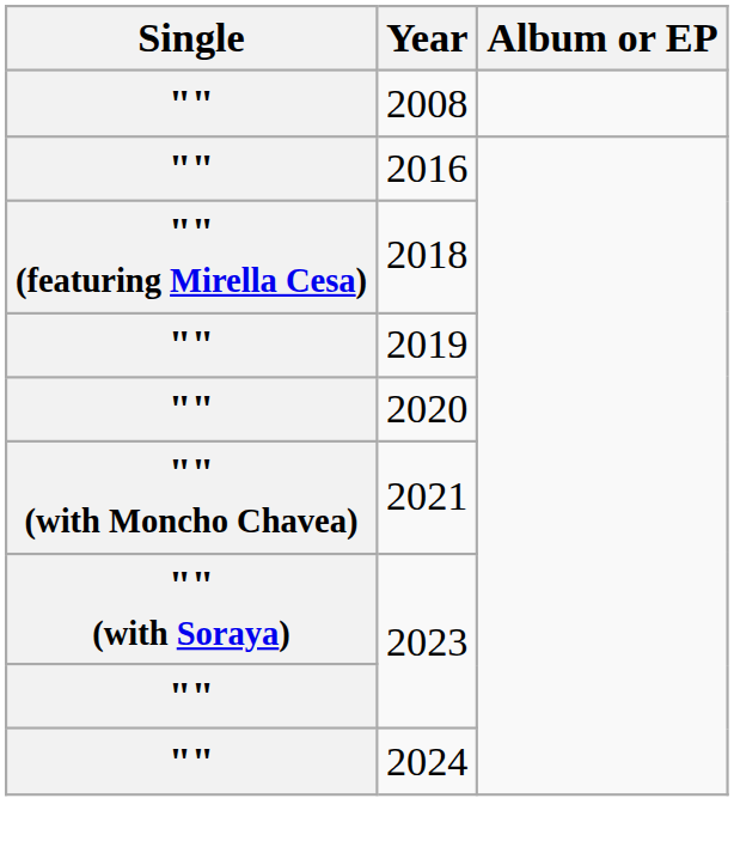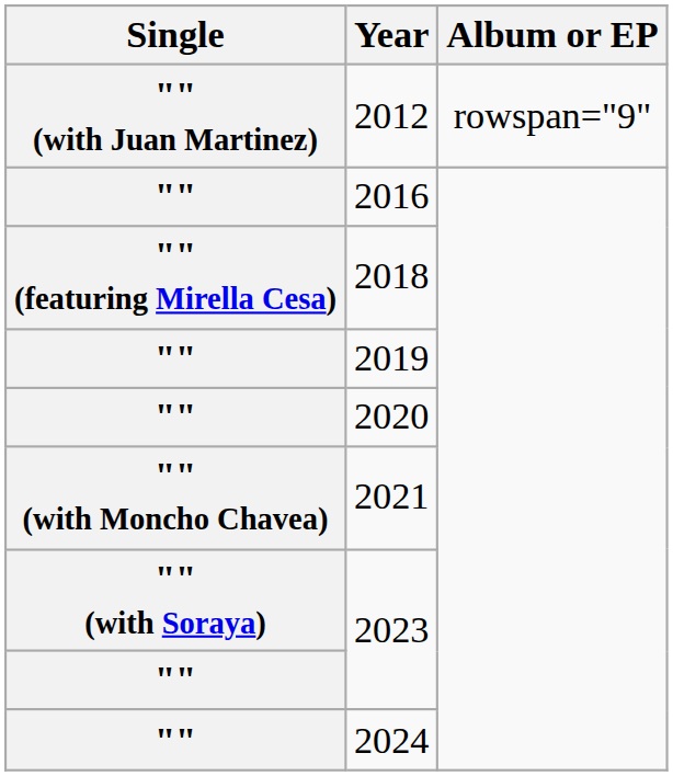 <table class="wikitable plainrowheaders" style="text-align:center;">
 <tr>
 <th scope="col">Single</th>
 <th scope="col">Year</th>
 <th scope="col">Album or EP</th>
 </tr>
 <tr>
-<th scope="row">""</th>
-<td>2008</td>
-<td></td>
+<th scope="row">""<br><small>(with Juan Martinez)</small></th>
+<td>2012</td>
+<td>rowspan="9" </td>
 </tr>
 <tr>
 <th scope="row">""</th>
 <td>2016</td>
 </tr>
 <tr>
 <th scope="row">""<br><small>(featuring <a href='#'>Mirella Cesa</a>)</small></th>
 <td>2018</td>
 </tr>
 <tr>
 <th scope="row">""</th>
 <td>2019</td>
 </tr>
 <tr>
 <th scope="row">""</th>
 <td>2020</td>
 </tr>
 <tr>
 <th scope="row">""<br><small>(with Moncho Chavea)</small></th>
 <td>2021</td>
 </tr>
 <tr>
 <th scope="row">""<br><small>(with <a href='#'>Soraya</a>)</small></th>
 <td rowspan="2">2023</td>
 </tr>
 <tr>
 <th scope="row">""</th>
 </tr>
 <tr>
 <th scope="row">""</th>
 <td>2024</td>
 </tr>
 </table>
